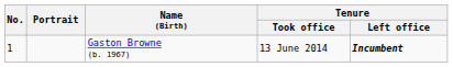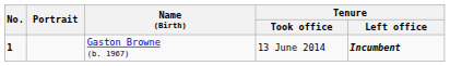 <table class="wikitable">
 <tr>
 <th scope="col" style="width:20px;" rowspan="2">No.</th>
 <th scope="col"  style="width:80px; text-align:center;" rowspan="2">Portrait</th>
 <th scope="col" style="width:300px;" rowspan="2">Name<br><small>(Birth)</small></th>
 <th scope="col" style="width:300px;" colspan="2">Tenure</th>
 </tr>
 <tr>
 <th scope="col" style="width:150px;">Took office</th>
 <th scope="col" style="width:150px;">Left office</th>
 </tr>
 <tr>
-<td>1</td>
+<td><strong>1</strong></td>
 <td style="text-align: center;"></td>
 <td><a href='#'>Gaston Browne</a><br><small>(b. 1967)</small></td>
 <td>13 June 2014</td>
 <td><strong><em>Incumbent</em></strong></td>
 </tr>
 </table>
